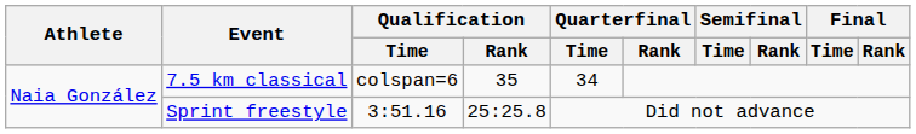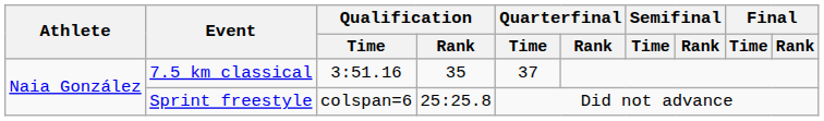 <table class="wikitable" style="font-size:90%">
 <tr>
 <th rowspan="2">Athlete</th>
 <th rowspan="2">Event</th>
 <th colspan="2">Qualification</th>
 <th colspan="2">Quarterfinal</th>
 <th colspan="2">Semifinal</th>
 <th colspan="2">Final</th>
 </tr>
 <tr style="font-size:95%">
 <th>Time</th>
 <th>Rank</th>
 <th>Time</th>
 <th>Rank</th>
 <th>Time</th>
 <th>Rank</th>
 <th>Time</th>
 <th>Rank</th>
 </tr>
 <tr align=center>
 <td align=left rowspan=2><a href='#'>Naia González</a></td>
 <td align=left><a href='#'>7.5 km classical</a></td>
-<td>colspan=6</td>
+<td>3:51.16</td>
 <td>35</td>
-<td>34</td>
+<td>37</td>
 </tr>
 <tr align=center>
 <td align=left><a href='#'>Sprint freestyle</a></td>
-<td>3:51.16</td>
+<td>colspan=6</td>
 <td>25:25.8</td>
 <td colspan=6>Did not advance</td>
 </tr>
 </table>
